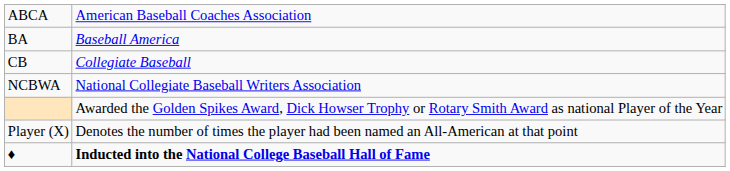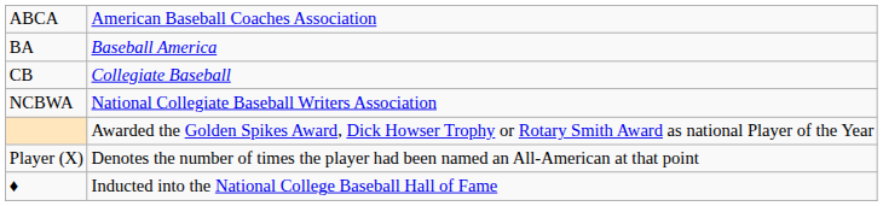 <table class="wikitable">
 <tr>
 <td>ABCA</td>
 <td><a href='#'>American Baseball Coaches Association</a></td>
 </tr>
 <tr>
 <td>BA</td>
 <td><em><a href='#'>Baseball America</a></em></td>
 </tr>
 <tr>
 <td>CB</td>
 <td><em><a href='#'>Collegiate Baseball</a></em></td>
 </tr>
 <tr>
 <td>NCBWA</td>
 <td><a href='#'>National Collegiate Baseball Writers Association</a></td>
 </tr>
 <tr>
 <td style="background-color:#FFE6BD"></td>
 <td>Awarded the <a href='#'>Golden Spikes Award</a>, <a href='#'>Dick Howser Trophy</a> or <a href='#'>Rotary Smith Award</a> as national Player of the Year</td>
 </tr>
 <tr>
 <td>Player (X)</td>
 <td>Denotes the number of times the player had been named an All-American at that point</td>
 </tr>
 <tr>
 <td>♦</td>
-<td><strong>Inducted into the <a href='#'>National College Baseball Hall of Fame</a></strong></td>
+<td>Inducted into the <a href='#'>National College Baseball Hall of Fame</a></td>
 </tr>
 </table>
